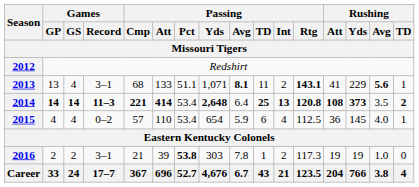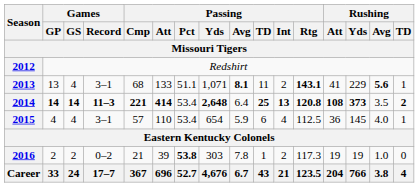 <table class="wikitable" style="text-align:center;">
 <tr>
 <th rowspan="2">Season</th>
 <th colspan="3">Games</th>
 <th colspan="8">Passing</th>
 <th colspan="5">Rushing</th>
 </tr>
 <tr>
 <th>GP</th>
 <th>GS</th>
 <th>Record</th>
 <th>Cmp</th>
 <th>Att</th>
 <th>Pct</th>
 <th>Yds</th>
 <th>Avg</th>
 <th>TD</th>
 <th>Int</th>
 <th>Rtg</th>
 <th>Att</th>
 <th>Yds</th>
 <th>Avg</th>
 <th>TD</th>
 </tr>
 <tr>
 <th colspan="16">Missouri Tigers</th>
 </tr>
 <tr>
 <th><a href='#'>2012</a></th>
 <td colspan="15"><em>Redshirt </em></td>
 </tr>
 <tr>
 <th><a href='#'>2013</a></th>
 <td>13</td>
 <td>4</td>
 <td>3–1</td>
 <td>68</td>
 <td>133</td>
 <td>51.1</td>
 <td>1,071</td>
 <td><strong>8.1</strong></td>
 <td>11</td>
 <td>2</td>
 <td><strong>143.1</strong></td>
 <td>41</td>
 <td>229</td>
 <td><strong>5.6</strong></td>
 <td>1</td>
 </tr>
 <tr>
 <th><a href='#'>2014</a></th>
 <td><strong>14</strong></td>
 <td><strong>14</strong></td>
 <td><strong>11–3</strong></td>
 <td><strong>221</strong></td>
 <td><strong>414</strong></td>
 <td>53.4</td>
 <td><strong>2,648</strong></td>
 <td>6.4</td>
 <td><strong>25</strong></td>
 <td><strong>13</strong></td>
 <td><strong>120.8</strong></td>
 <td><strong>108</strong></td>
 <td><strong>373</strong></td>
 <td>3.5</td>
 <td><strong>2</strong></td>
 </tr>
 <tr>
 <th><a href='#'>2015</a></th>
 <td>4</td>
 <td>4</td>
-<td>0–2</td>
+<td>3–1</td>
 <td>57</td>
 <td>110</td>
 <td>53.4</td>
 <td>654</td>
 <td>5.9</td>
 <td>6</td>
 <td>4</td>
 <td>112.5</td>
 <td>36</td>
 <td>145</td>
 <td>4.0</td>
 <td>1</td>
 </tr>
 <tr>
 <th colspan="16">Eastern Kentucky Colonels</th>
 </tr>
 <tr>
 <th><a href='#'>2016</a></th>
 <td>2</td>
 <td>2</td>
-<td>3–1</td>
+<td>0–2</td>
 <td>21</td>
 <td>39</td>
 <td><strong>53.8</strong></td>
 <td>303</td>
 <td>7.8</td>
 <td>1</td>
 <td>2</td>
 <td>117.3</td>
 <td>19</td>
 <td>19</td>
 <td>1.0</td>
 <td>0</td>
 </tr>
 <tr>
 <th>Career</th>
 <th>33</th>
 <th>24</th>
 <th>17–7</th>
 <th>367</th>
 <th>696</th>
 <th>52.7</th>
 <th>4,676</th>
 <th>6.7</th>
 <th>43</th>
 <th>21</th>
 <th>123.5</th>
 <th>204</th>
 <th>766</th>
 <th>3.8</th>
 <th>4</th>
 </tr>
 </table>
